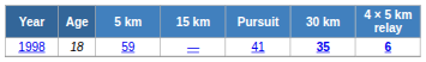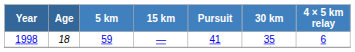 <table class="wikitable" style="font-size:95%; text-align:center; border:grey solid 1px; border-collapse:collapse; background:#ffffff;">
 <tr>
 <th style="background-color:#369; color:white; width:60px;"> Year </th>
 <th style="background-color:#369; color:white; width:40px;"> Age </th>
 <th style="background-color:#4180be; color:white; width:75px;"> 5 km </th>
 <th style="background-color:#4180be; color:white; width:75px;"> 15 km </th>
 <th style="background-color:#4180be; color:white; width:75px;"> Pursuit </th>
 <th style="background-color:#4180be; color:white; width:75px;"> 30 km </th>
 <th style="background-color:#4180be; color:white; width:75px;"> 4 × 5 km <br> relay </th>
 </tr>
 <tr>
 <td><a href='#'>1998</a></td>
 <td><em>18</em></td>
 <td><a href='#'>59</a></td>
 <td><a href='#'>—</a></td>
 <td><a href='#'>41</a></td>
-<td><strong><a href='#'>35</a></strong></td>
-<td><strong><a href='#'>6</a></strong></td>
+<td><a href='#'>35</a></td>
+<td><a href='#'>6</a></td>
 </tr>
 <tr>
 </tr>
 </table>
